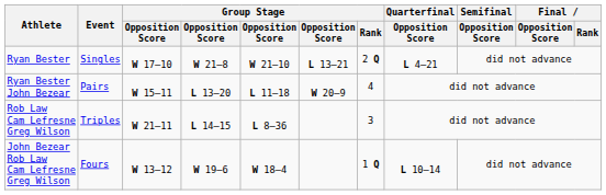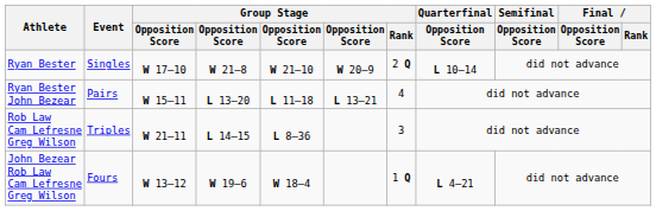 <table class="wikitable" style="font-size:90%">
 <tr>
 <th rowspan=2>Athlete</th>
 <th rowspan=2>Event</th>
 <th colspan=5>Group Stage</th>
 <th>Quarterfinal</th>
 <th>Semifinal</th>
 <th colspan=2>Final / </th>
 </tr>
 <tr style="font-size:95%">
 <th>Opposition<br>Score</th>
 <th>Opposition<br>Score</th>
 <th>Opposition<br>Score</th>
 <th>Opposition<br>Score</th>
 <th>Rank</th>
 <th>Opposition<br>Score</th>
 <th>Opposition<br>Score</th>
 <th>Opposition<br>Score</th>
 <th>Rank</th>
 </tr>
 <tr align=center>
 <td align=left><a href='#'>Ryan Bester</a></td>
 <td align=left><a href='#'>Singles</a></td>
 <td><br><strong>W</strong> 17–10</td>
 <td><br><strong>W</strong> 21–8</td>
 <td><br><strong>W</strong> 21–10</td>
-<td><br><strong>L</strong> 13–21</td>
+<td><br><strong>W</strong> 20–9</td>
 <td>2 <strong>Q</strong></td>
-<td><br><strong>L</strong> 4–21</td>
+<td><br><strong>L</strong> 10–14</td>
 <td colspan=3>did not advance</td>
 </tr>
 <tr align=center>
 <td align=left><a href='#'>Ryan Bester</a><br><a href='#'>John Bezear</a></td>
 <td align=left><a href='#'>Pairs</a></td>
 <td><br><strong>W</strong> 15–11</td>
 <td><br><strong>L</strong> 13–20</td>
 <td><br><strong>L</strong> 11–18</td>
-<td><br><strong>W</strong> 20–9</td>
+<td><br><strong>L</strong> 13–21</td>
 <td>4</td>
 <td colspan=4>did not advance</td>
 </tr>
 <tr align=center>
 <td align=left><a href='#'>Rob Law</a><br><a href='#'>Cam Lefresne</a><br><a href='#'>Greg Wilson</a></td>
 <td align=left><a href='#'>Triples</a></td>
 <td><br><strong>W</strong> 21–11</td>
 <td><br><strong>L</strong> 14–15</td>
 <td><br><strong>L</strong> 8–36</td>
 <td></td>
 <td>3</td>
 <td colspan=4>did not advance</td>
 </tr>
 <tr align=center>
 <td align=left><a href='#'>John Bezear</a><br><a href='#'>Rob Law</a><br><a href='#'>Cam Lefresne</a><br><a href='#'>Greg Wilson</a></td>
 <td align=left><a href='#'>Fours</a></td>
 <td><br><strong>W</strong> 13–12</td>
 <td><br><strong>W</strong> 19–6</td>
 <td><br><strong>W</strong> 18–4</td>
 <td></td>
 <td>1 <strong>Q</strong></td>
-<td><br><strong>L</strong> 10–14</td>
+<td><br><strong>L</strong> 4–21</td>
 <td colspan=3>did not advance</td>
 </tr>
 </table>
